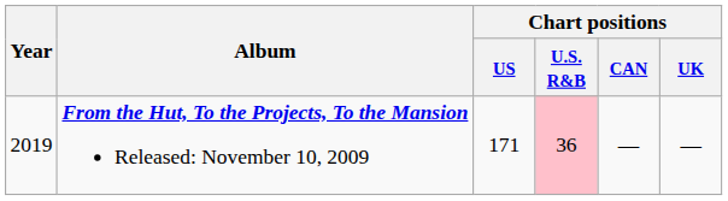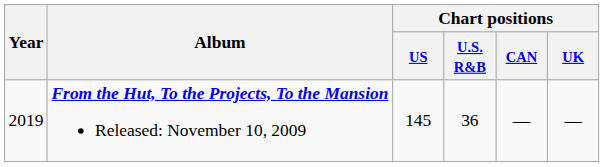 <table class="wikitable">
 <tr>
 <th rowspan="2">Year</th>
 <th rowspan="2">Album</th>
 <th colspan="4">Chart positions</th>
 </tr>
 <tr>
 <th style="text-align:center; width:40px;"><small><a href='#'>US</a></small></th>
 <th style="text-align:center; width:40px;"><small><a href='#'>U.S. R&B</a></small></th>
 <th style="text-align:center; width:40px;"><small><a href='#'>CAN</a></small></th>
 <th style="text-align:center; width:40px;"><small><a href='#'>UK</a></small></th>
 </tr>
 <tr>
 <td>2019</td>
 <td><strong><em><a href='#'>From the Hut, To the Projects, To the Mansion</a></em></strong><br><ul><li>Released: November 10, 2009</li></ul></td>
-<td style="text-align:center;">171</td>
-<td style="background: pink; text-align:center;">36</td>
+<td style="text-align:center;">145</td>
+<td style="text-align:center;">36</td>
 <td style="text-align:center;">—</td>
 <td style="text-align:center;">—</td>
 </tr>
 </table>
